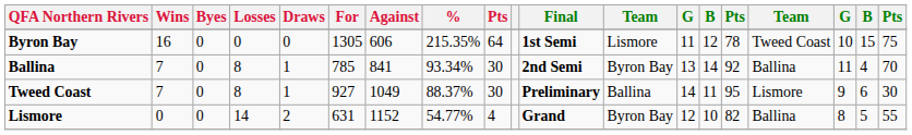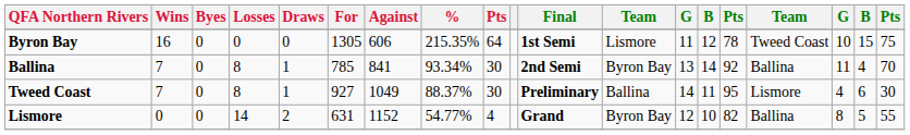 <table style="font-size: 85%; text-align: left;" class="wikitable">
 <tr>
 <th style="color:crimson">QFA Northern Rivers</th>
 <th style="color:crimson">Wins</th>
 <th style="color:crimson">Byes</th>
 <th style="color:crimson">Losses</th>
 <th style="color:crimson">Draws</th>
 <th style="color:crimson">For</th>
 <th style="color:crimson">Against</th>
 <th style="color:crimson">%</th>
 <th style="color:crimson">Pts</th>
 <th></th>
 <th style="color:green">Final</th>
 <th style="color:green">Team</th>
 <th style="color:green">G</th>
 <th style="color:green">B</th>
 <th style="color:green">Pts</th>
 <th style="color:green">Team</th>
 <th style="color:green">G</th>
 <th style="color:green">B</th>
 <th style="color:green">Pts</th>
 </tr>
 <tr>
 </tr>
 <tr>
 </tr>
 <tr>
 <td><strong>	Byron Bay	</strong></td>
 <td>16</td>
 <td>0</td>
 <td>0</td>
 <td>0</td>
 <td>1305</td>
 <td>606</td>
 <td>215.35%</td>
 <td>64</td>
 <td></td>
 <td><strong>1st Semi</strong></td>
 <td>Lismore</td>
 <td>11</td>
 <td>12</td>
 <td>78</td>
 <td>Tweed Coast</td>
 <td>10</td>
 <td>15</td>
 <td>75</td>
 </tr>
 <tr>
 <td><strong>	Ballina	</strong></td>
 <td>7</td>
 <td>0</td>
 <td>8</td>
 <td>1</td>
 <td>785</td>
 <td>841</td>
 <td>93.34%</td>
 <td>30</td>
 <td></td>
 <td><strong>2nd Semi</strong></td>
 <td>Byron Bay</td>
 <td>13</td>
 <td>14</td>
 <td>92</td>
 <td>Ballina</td>
 <td>11</td>
 <td>4</td>
 <td>70</td>
 </tr>
 <tr>
 <td><strong>	Tweed Coast	</strong></td>
 <td>7</td>
 <td>0</td>
 <td>8</td>
 <td>1</td>
 <td>927</td>
 <td>1049</td>
 <td>88.37%</td>
 <td>30</td>
 <td></td>
 <td><strong>Preliminary</strong></td>
 <td>Ballina</td>
 <td>14</td>
 <td>11</td>
 <td>95</td>
 <td>Lismore</td>
-<td>9</td>
+<td>4</td>
 <td>6</td>
 <td>30</td>
 </tr>
 <tr>
 <td><strong>	Lismore	</strong></td>
 <td>0</td>
 <td>0</td>
 <td>14</td>
 <td>2</td>
 <td>631</td>
 <td>1152</td>
 <td>54.77%</td>
 <td>4</td>
 <td></td>
 <td><strong>Grand</strong></td>
 <td>Byron Bay</td>
 <td>12</td>
 <td>10</td>
 <td>82</td>
 <td>Ballina</td>
 <td>8</td>
 <td>5</td>
 <td>55</td>
 </tr>
 <tr>
 </tr>
 </table>
